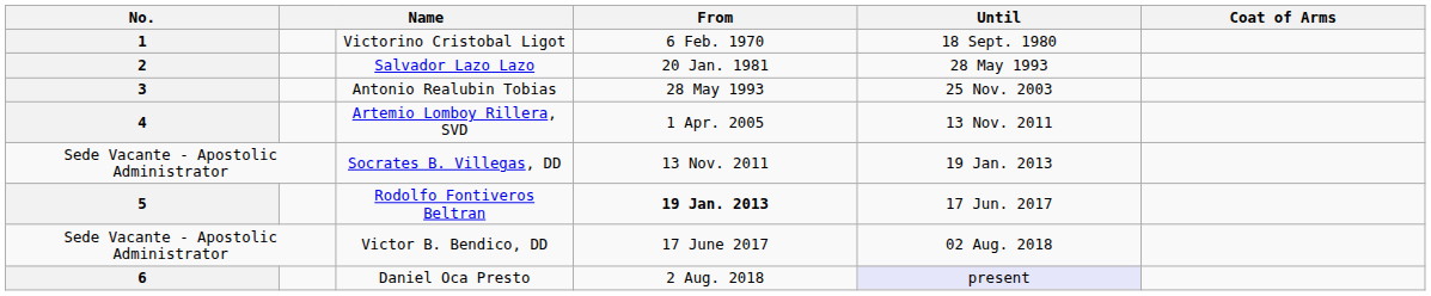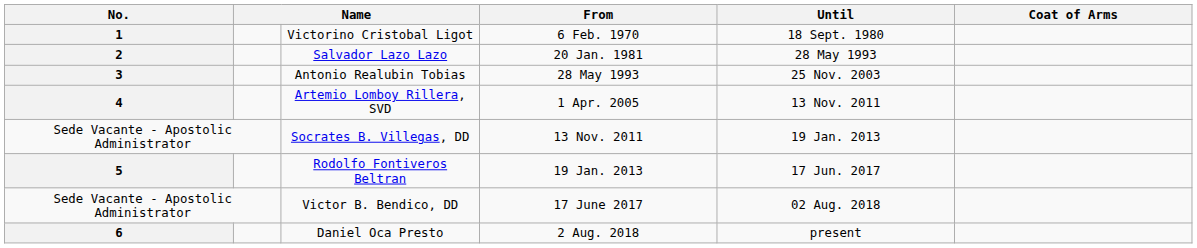 <table class="wikitable" style="text-align:center;">
 <tr>
 <th scope="col">No.</th>
 <th colspan="2" scope="col" style="border-right:none;">Name</th>
 <th scope="col" style="width:20%;">From</th>
 <th scope="col" style="width:20%;">Until</th>
 <th scope="col" style="width:20%;">Coat of Arms</th>
 </tr>
 <tr>
 <th scope="row">1</th>
 <td></td>
 <td>Victorino Cristobal Ligot</td>
 <td>6 Feb. 1970</td>
 <td>18 Sept. 1980</td>
 <td></td>
 </tr>
 <tr>
 <th scope="row">2</th>
 <td></td>
 <td><a href='#'>Salvador Lazo Lazo</a></td>
 <td>20 Jan. 1981</td>
 <td>28 May 1993</td>
 <td></td>
 </tr>
 <tr>
 <th>3</th>
 <td></td>
 <td>Antonio Realubin Tobias</td>
 <td>28 May 1993</td>
 <td>25 Nov. 2003</td>
 <td></td>
 </tr>
 <tr>
 <th scope="row">4</th>
 <td></td>
 <td><a href='#'>Artemio Lomboy Rillera</a>, SVD</td>
 <td>1 Apr. 2005</td>
 <td>13 Nov. 2011</td>
 <td></td>
 </tr>
 <tr>
 <td colspan="2">Sede Vacante - Apostolic Administrator</td>
 <td><a href='#'>Socrates B. Villegas</a>, DD</td>
 <td>13 Nov. 2011</td>
 <td>19 Jan. 2013</td>
 <td></td>
 </tr>
 <tr>
 <th>5</th>
 <td></td>
 <td><a href='#'>Rodolfo Fontiveros Beltran</a></td>
-<td><strong>19 Jan. 2013</strong></td>
+<td>19 Jan. 2013</td>
 <td>17 Jun. 2017</td>
 <td></td>
 </tr>
 <tr>
 <td colspan="2">Sede Vacante - Apostolic Administrator</td>
 <td>Victor B. Bendico, DD</td>
 <td>17 June 2017</td>
 <td>02 Aug. 2018</td>
 <td></td>
 </tr>
 <tr>
 <th>6</th>
 <td></td>
 <td>Daniel Oca Presto</td>
 <td>2 Aug. 2018</td>
-<td style="background: lavender;">present</td>
+<td>present</td>
 <td></td>
 </tr>
 </table>
